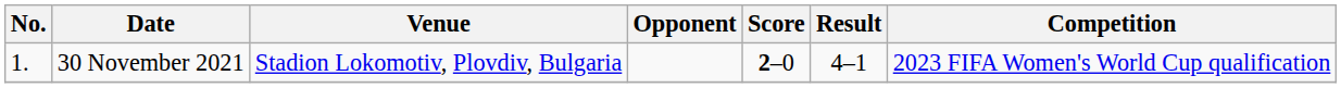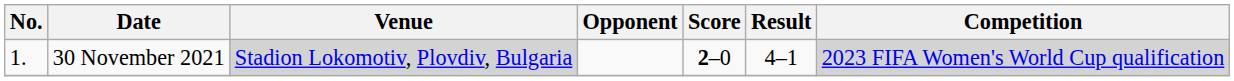 <table class="wikitable">
 <tr>
 <th>No.</th>
 <th>Date</th>
 <th>Venue</th>
 <th>Opponent</th>
 <th>Score</th>
 <th>Result</th>
 <th>Competition</th>
 </tr>
 <tr>
 <td>1.</td>
 <td>30 November 2021</td>
-<td><a href='#'>Stadion Lokomotiv</a>, <a href='#'>Plovdiv</a>, <a href='#'>Bulgaria</a></td>
+<td style="background: lightgrey;"><a href='#'>Stadion Lokomotiv</a>, <a href='#'>Plovdiv</a>, <a href='#'>Bulgaria</a></td>
 <td></td>
 <td align=center><strong>2</strong>–0</td>
 <td align=center>4–1</td>
-<td><a href='#'>2023 FIFA Women's World Cup qualification</a></td>
+<td style="background: lightgrey;"><a href='#'>2023 FIFA Women's World Cup qualification</a></td>
 </tr>
 <tr>
 </tr>
 </table>
